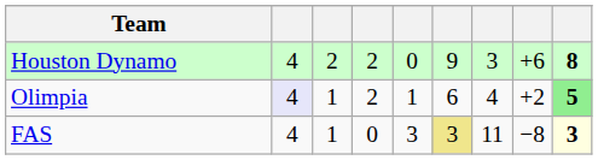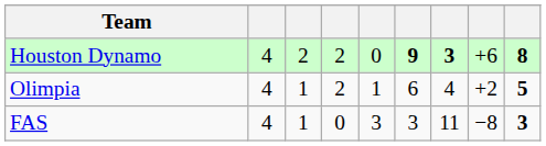 <table class="wikitable" style="text-align:center">
 <tr>
 </tr>
 <tr>
 <th width="175">Team</th>
 <th width="20"></th>
 <th width="20"></th>
 <th width="20"></th>
 <th width="20"></th>
 <th width="20"></th>
 <th width="20"></th>
 <th width="20"></th>
 <th width="20"></th>
 </tr>
 <tr bgcolor=ccffcc>
 <td align=left> <a href='#'>Houston Dynamo</a></td>
 <td>4</td>
 <td>2</td>
 <td>2</td>
 <td>0</td>
-<td>9</td>
-<td>3</td>
+<td><strong>9</strong></td>
+<td><strong>3</strong></td>
 <td>+6</td>
 <td><strong>8</strong></td>
 </tr>
 <tr>
 <td align=left> <a href='#'>Olimpia</a></td>
-<td style="background: lavender;">4</td>
+<td>4</td>
 <td>1</td>
 <td>2</td>
 <td>1</td>
 <td>6</td>
 <td>4</td>
 <td>+2</td>
-<td style="background: lightgreen;"><strong>5</strong></td>
+<td><strong>5</strong></td>
 </tr>
 <tr>
 <td align=left> <a href='#'>FAS</a></td>
 <td>4</td>
 <td>1</td>
 <td>0</td>
 <td>3</td>
-<td style="background: khaki;">3</td>
+<td>3</td>
 <td>11</td>
 <td>−8</td>
-<td style="background: lightyellow;"><strong>3</strong></td>
+<td><strong>3</strong></td>
 </tr>
 </table>
